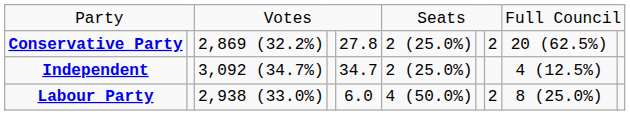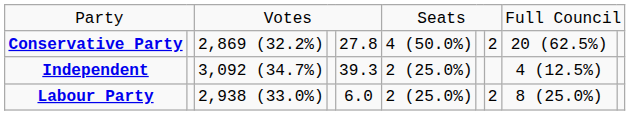 <table class=wikitable style="text-align:center;">
 <tr>
 <td colspan=2>Party</td>
 <td colspan=3>Votes</td>
 <td colspan=3>Seats</td>
 <td colspan=3>Full Council</td>
 </tr>
 <tr>
 <td><strong><a href='#'>Conservative Party</a></strong></td>
 <td style="background:"></td>
 <td>2,869 (32.2%)</td>
 <td></td>
 <td> 27.8</td>
-<td>2 (25.0%)</td>
+<td>4 (50.0%)</td>
 <td></td>
 <td> 2</td>
 <td>20 (62.5%)</td>
 <td></td>
 </tr>
 <tr>
 <td><strong><a href='#'>Independent</a></strong></td>
 <td style="background:"></td>
 <td>3,092 (34.7%)</td>
 <td></td>
-<td> 34.7</td>
+<td> 39.3</td>
 <td>2 (25.0%)</td>
 <td></td>
 <td></td>
 <td>4 (12.5%)</td>
 <td></td>
 </tr>
 <tr>
 <td><strong><a href='#'>Labour Party</a></strong></td>
 <td style="background:"></td>
 <td>2,938 (33.0%)</td>
 <td></td>
 <td> 6.0</td>
-<td>4 (50.0%)</td>
+<td>2 (25.0%)</td>
 <td></td>
 <td> 2</td>
 <td>8 (25.0%)</td>
 <td></td>
 </tr>
 </table>
